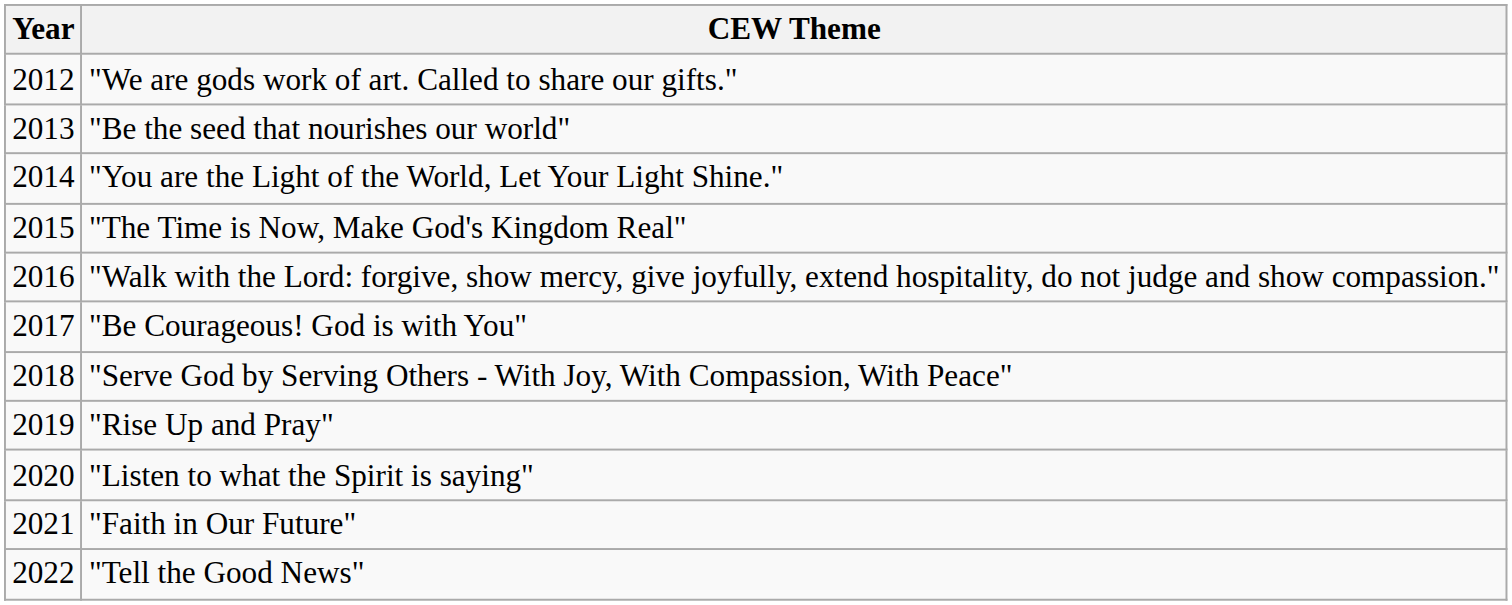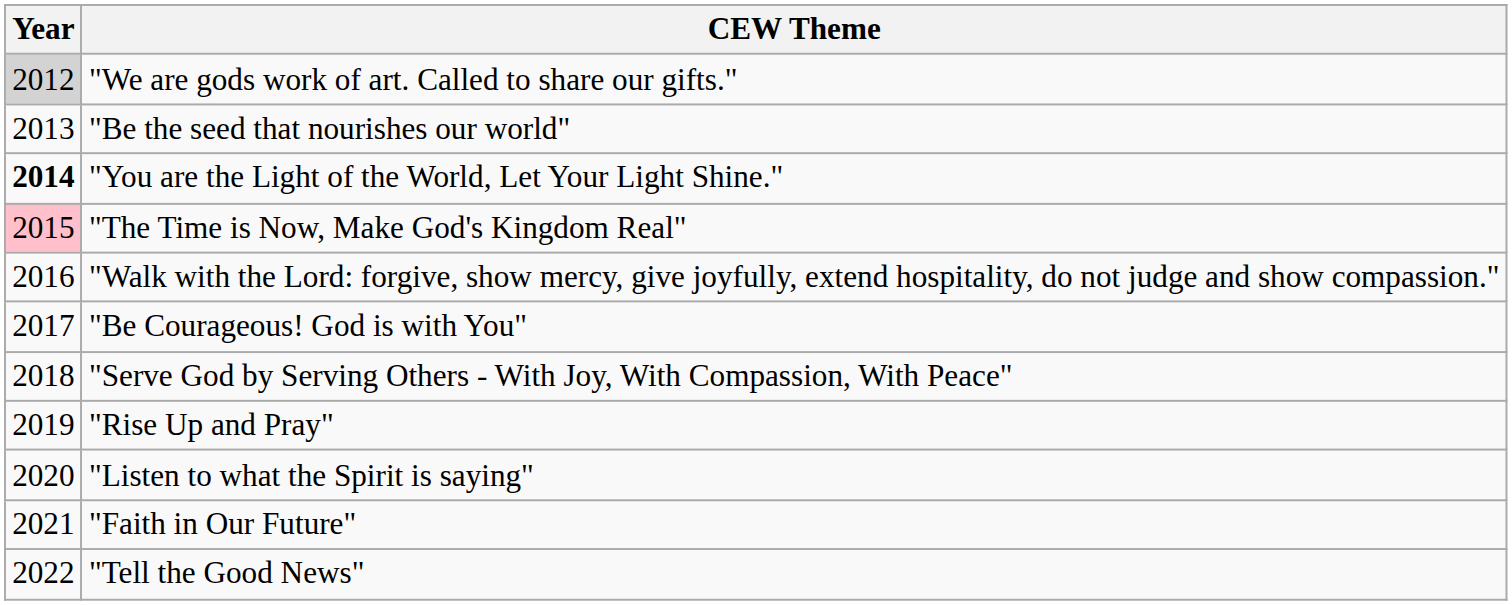 <table class="wikitable">
 <tr>
 <th>Year</th>
 <th>CEW Theme</th>
 </tr>
 <tr>
-<td>2012</td>
+<td style="background: lightgrey;">2012</td>
 <td>"We are gods work of art. Called to share our gifts."</td>
 </tr>
 <tr>
 <td>2013</td>
 <td>"Be the seed that nourishes our world"</td>
 </tr>
 <tr>
-<td>2014</td>
+<td><strong>2014</strong></td>
 <td>"You are the Light of the World, Let Your Light Shine."</td>
 </tr>
 <tr>
-<td>2015</td>
+<td style="background: pink;">2015</td>
 <td>"The Time is Now, Make God's Kingdom Real"</td>
 </tr>
 <tr>
 <td>2016</td>
 <td>"Walk with the Lord: forgive, show mercy, give joyfully, extend hospitality, do not judge and show compassion."</td>
 </tr>
 <tr>
 <td>2017</td>
 <td>"Be Courageous! God is with You"</td>
 </tr>
 <tr>
 <td>2018</td>
 <td>"Serve God by Serving Others - With Joy, With Compassion, With Peace"</td>
 </tr>
 <tr>
 <td>2019</td>
 <td>"Rise Up and Pray"</td>
 </tr>
 <tr>
 <td>2020</td>
 <td>"Listen to what the Spirit is saying"</td>
 </tr>
 <tr>
 <td>2021</td>
 <td>"Faith in Our Future"</td>
 </tr>
 <tr>
 <td>2022</td>
 <td>"Tell the Good News"</td>
 </tr>
 </table>
